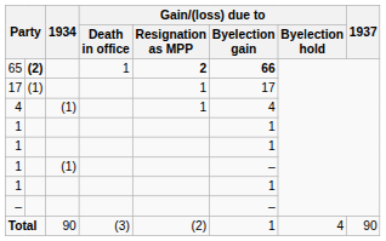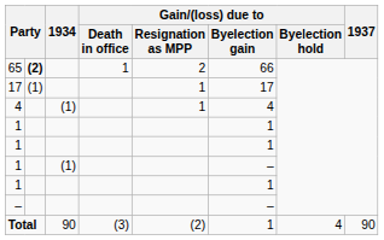 <table class="wikitable" style="text-align:right">
 <tr>
 <th rowspan="2" colspan="2">Party</th>
 <th rowspan="2">1934</th>
 <th colspan="4">Gain/(loss) due to</th>
 <th rowspan="2">1937</th>
 </tr>
 <tr>
 <th>Death<br>in office</th>
 <th>Resignation<br>as MPP</th>
 <th>Byelection<br>gain</th>
 <th>Byelection<br>hold</th>
 </tr>
 <tr>
 <td>65</td>
 <td><strong>(2)</strong></td>
 <td></td>
 <td>1</td>
-<td><strong>2</strong></td>
-<td><strong>66</strong></td>
+<td>2</td>
+<td>66</td>
 </tr>
 <tr>
 <td>17</td>
 <td>(1)</td>
 <td></td>
 <td></td>
 <td>1</td>
 <td>17</td>
 </tr>
 <tr>
 <td>4</td>
 <td></td>
 <td>(1)</td>
 <td></td>
 <td>1</td>
 <td>4</td>
 </tr>
 <tr>
 <td>1</td>
 <td></td>
 <td></td>
 <td></td>
 <td></td>
 <td>1</td>
 </tr>
 <tr>
 <td>1</td>
 <td></td>
 <td></td>
 <td></td>
 <td></td>
 <td>1</td>
 </tr>
 <tr>
 <td>1</td>
 <td></td>
 <td>(1)</td>
 <td></td>
 <td></td>
 <td>–</td>
 </tr>
 <tr>
 <td>1</td>
 <td></td>
 <td></td>
 <td></td>
 <td></td>
 <td>1</td>
 </tr>
 <tr>
 <td>–</td>
 <td></td>
 <td></td>
 <td></td>
 <td></td>
 <td>–</td>
 </tr>
 <tr>
 <td colspan="2" style="text-align:left;"><strong>Total</strong></td>
 <td>90</td>
 <td>(3)</td>
 <td>(2)</td>
 <td>1</td>
 <td>4</td>
 <td>90</td>
 </tr>
 </table>
